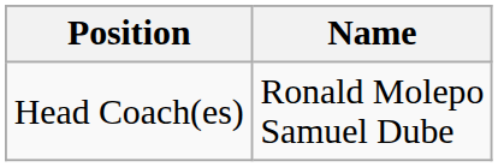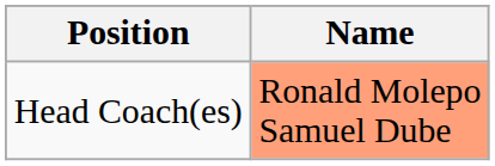 <table class="wikitable sortable">
 <tr>
 <th>Position</th>
 <th>Name</th>
 </tr>
 <tr>
 <td>Head Coach(es)</td>
-<td>Ronald Molepo<br>Samuel Dube</td>
+<td style="background: lightsalmon;">Ronald Molepo<br>Samuel Dube</td>
 </tr>
 </table>
